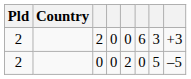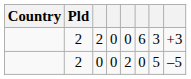 <table class="wikitable sortable" style="text-align:center;">
 <tr>
+<th>Country</th>
 <th>Pld</th>
-<th>Country</th>
 <th></th>
 <th></th>
 <th></th>
 <th></th>
 <th></th>
 <th></th>
 </tr>
 <tr>
+<td style="text-align:left;"></td>
 <td>2</td>
-<td style="text-align:left;"></td>
 <td>2</td>
 <td>0</td>
 <td>0</td>
 <td>6</td>
 <td>3</td>
 <td>+3</td>
 </tr>
 <tr>
+<td style="text-align:left;"></td>
 <td>2</td>
-<td style="text-align:left;"></td>
 <td>0</td>
 <td>0</td>
 <td>2</td>
 <td>0</td>
 <td>5</td>
 <td>–5</td>
 </tr>
 </table>
